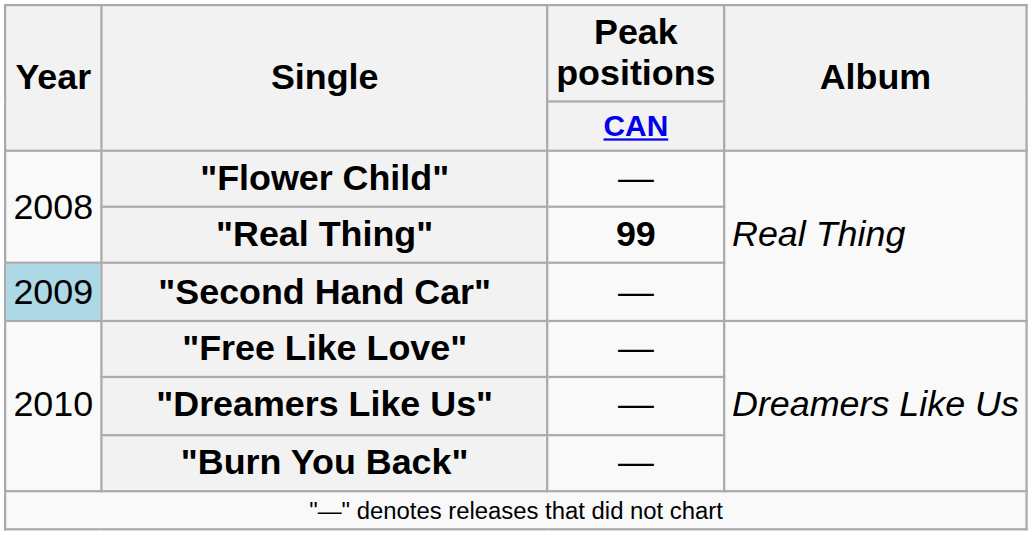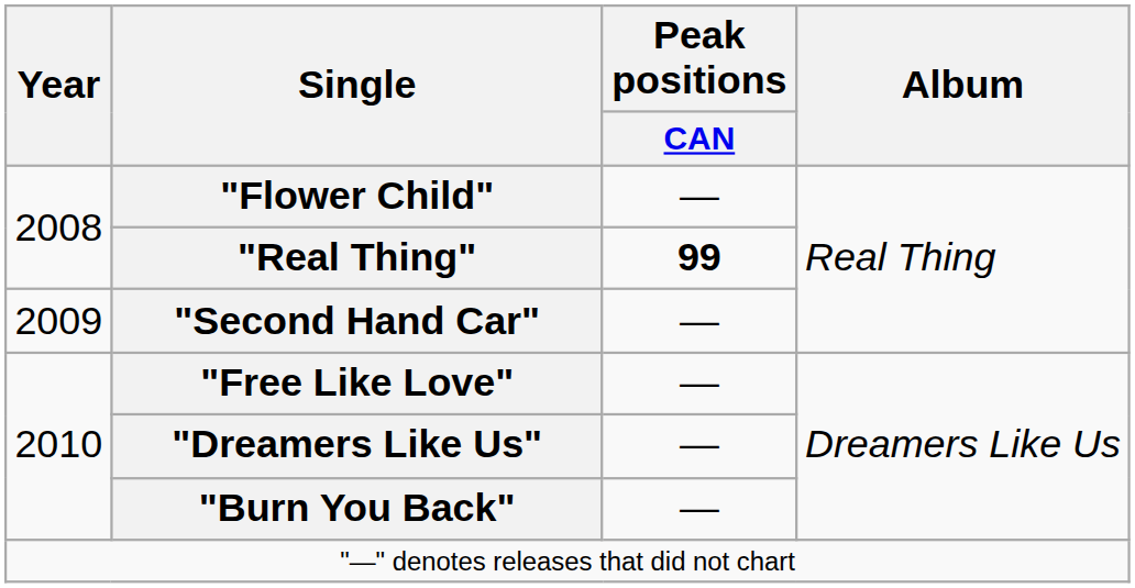 <table class="wikitable plainrowheaders" style="text-align:center;">
 <tr>
 <th rowspan="2">Year</th>
 <th rowspan="2" style="width:12em;">Single</th>
 <th>Peak positions</th>
 <th rowspan="2">Album</th>
 </tr>
 <tr style="font-size:smaller;">
 <th style="width:65px;"><a href='#'>CAN</a></th>
 </tr>
 <tr>
 <td rowspan="2">2008</td>
 <th scope="row">"Flower Child"</th>
 <td>—</td>
 <td style="text-align:left;" rowspan="3"><em>Real Thing</em></td>
 </tr>
 <tr>
 <th scope="row">"Real Thing"</th>
 <td><strong>99</strong></td>
 </tr>
 <tr>
-<td style="background: lightblue;">2009</td>
+<td>2009</td>
 <th scope="row">"Second Hand Car"</th>
 <td>—</td>
 </tr>
 <tr>
 <td rowspan="3">2010</td>
 <th scope="row">"Free Like Love"</th>
 <td>—</td>
 <td style="text-align:left;" rowspan="3"><em>Dreamers Like Us</em></td>
 </tr>
 <tr>
 <th scope="row">"Dreamers Like Us"</th>
 <td>—</td>
 </tr>
 <tr>
 <th scope="row">"Burn You Back"</th>
 <td>—</td>
 </tr>
 <tr>
 <td colspan="4" style="font-size:8pt">"—" denotes releases that did not chart</td>
 </tr>
 </table>
